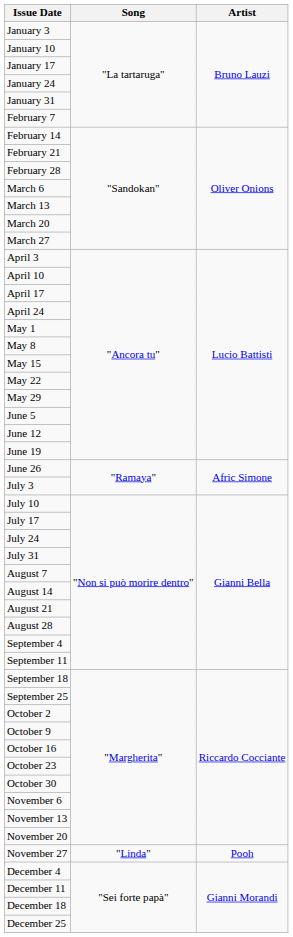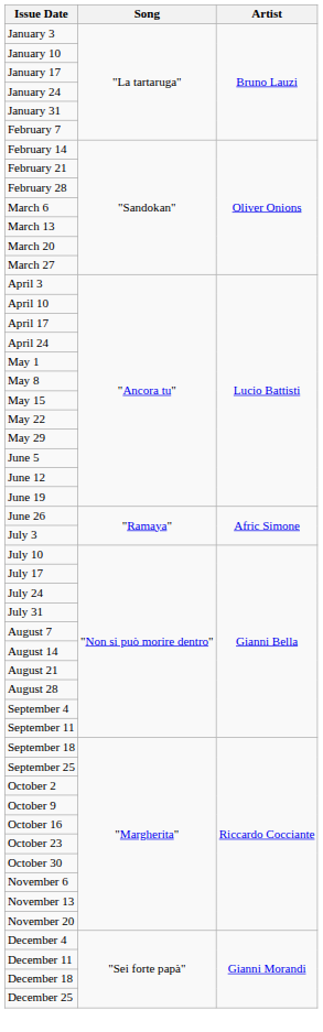 <table class="wikitable">
 <tr>
 <th>Issue Date</th>
 <th>Song</th>
 <th>Artist</th>
 </tr>
 <tr>
 <td>January 3</td>
 <td align="center" rowspan="6">"La tartaruga"</td>
 <td align="center" rowspan="6"><a href='#'>Bruno Lauzi</a></td>
 </tr>
 <tr>
 <td>January 10</td>
 </tr>
 <tr>
 <td>January 17</td>
 </tr>
 <tr>
 <td>January 24</td>
 </tr>
 <tr>
 <td>January 31</td>
 </tr>
 <tr>
 <td>February 7</td>
 </tr>
 <tr>
 <td>February 14</td>
 <td align="center" rowspan="7">"Sandokan"</td>
 <td align="center" rowspan="7"><a href='#'>Oliver Onions</a></td>
 </tr>
 <tr>
 <td>February 21</td>
 </tr>
 <tr>
 <td>February 28</td>
 </tr>
 <tr>
 <td>March 6</td>
 </tr>
 <tr>
 <td>March 13</td>
 </tr>
 <tr>
 <td>March 20</td>
 </tr>
 <tr>
 <td>March 27</td>
 </tr>
 <tr>
 <td>April 3</td>
 <td align="center" rowspan="12">"<a href='#'>Ancora tu</a>"</td>
 <td align="center" rowspan="12"><a href='#'>Lucio Battisti</a></td>
 </tr>
 <tr>
 <td>April 10</td>
 </tr>
 <tr>
 <td>April 17</td>
 </tr>
 <tr>
 <td>April 24</td>
 </tr>
 <tr>
 <td>May 1</td>
 </tr>
 <tr>
 <td>May 8</td>
 </tr>
 <tr>
 <td>May 15</td>
 </tr>
 <tr>
 <td>May 22</td>
 </tr>
 <tr>
 <td>May 29</td>
 </tr>
 <tr>
 <td>June 5</td>
 </tr>
 <tr>
 <td>June 12</td>
 </tr>
 <tr>
 <td>June 19</td>
 </tr>
 <tr>
 <td>June 26</td>
 <td align="center" rowspan="2">"<a href='#'>Ramaya</a>"</td>
 <td align="center" rowspan="2"><a href='#'>Afric Simone</a></td>
 </tr>
 <tr>
 <td>July 3</td>
 </tr>
 <tr>
 <td>July 10</td>
 <td align="center" rowspan="10">"<a href='#'>Non si può morire dentro</a>"</td>
 <td align="center" rowspan="10"><a href='#'>Gianni Bella</a></td>
 </tr>
 <tr>
 <td>July 17</td>
 </tr>
 <tr>
 <td>July 24</td>
 </tr>
 <tr>
 <td>July 31</td>
 </tr>
 <tr>
 <td>August 7</td>
 </tr>
 <tr>
 <td>August 14</td>
 </tr>
 <tr>
 <td>August 21</td>
 </tr>
 <tr>
 <td>August 28</td>
 </tr>
 <tr>
 <td>September 4</td>
 </tr>
 <tr>
 <td>September 11</td>
 </tr>
 <tr>
 <td>September 18</td>
 <td align="center" rowspan="10">"<a href='#'>Margherita</a>"</td>
 <td align="center" rowspan="10"><a href='#'>Riccardo Cocciante</a></td>
 </tr>
 <tr>
 <td>September 25</td>
 </tr>
 <tr>
 <td>October 2</td>
 </tr>
 <tr>
 <td>October 9</td>
 </tr>
 <tr>
 <td>October 16</td>
 </tr>
 <tr>
 <td>October 23</td>
 </tr>
 <tr>
 <td>October 30</td>
 </tr>
 <tr>
 <td>November 6</td>
 </tr>
 <tr>
 <td>November 13</td>
 </tr>
 <tr>
 <td>November 20</td>
 </tr>
 <tr>
-<td>November 27</td>
-<td align="center" rowspan="1">"<a href='#'>Linda</a>"</td>
-<td align="center" rowspan="1"><a href='#'>Pooh</a></td>
-</tr>
-<tr>
 <td>December 4</td>
 <td align="center" rowspan="4">"Sei forte papà"</td>
 <td align="center" rowspan="4"><a href='#'>Gianni Morandi</a></td>
 </tr>
 <tr>
 <td>December 11</td>
 </tr>
 <tr>
 <td>December 18</td>
 </tr>
 <tr>
 <td>December 25</td>
 </tr>
 </table>
